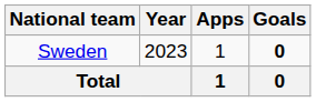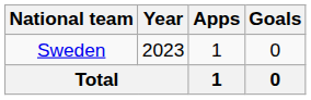 <table class="wikitable" style="text-align:center">
 <tr>
 <th>National team</th>
 <th>Year</th>
 <th>Apps</th>
 <th>Goals</th>
 </tr>
 <tr>
 <td><a href='#'>Sweden</a></td>
 <td>2023</td>
 <td>1</td>
-<td><strong>0</strong></td>
+<td>0</td>
 </tr>
 <tr>
 <th colspan="2">Total</th>
 <th>1</th>
 <th>0</th>
 </tr>
 </table>
